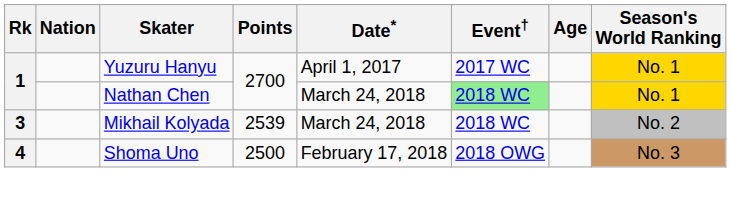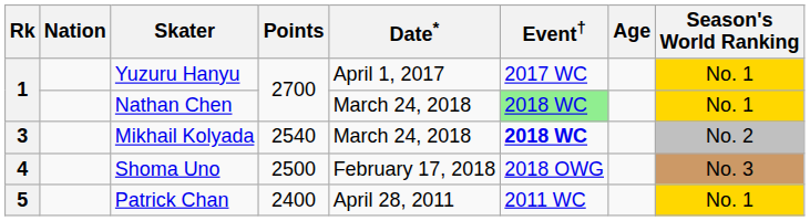 <table class="wikitable sortable">
 <tr>
 <th>Rk</th>
 <th>Nation</th>
 <th>Skater</th>
 <th>Points</th>
 <th>Date<sup>*</sup></th>
 <th>Event<sup>†</sup></th>
 <th>Age</th>
 <th>Season's<br>World  Ranking</th>
 </tr>
 <tr>
 <th rowspan="2">1</th>
 <td></td>
 <td><a href='#'>Yuzuru Hanyu</a></td>
 <td rowspan="2" style="text-align: center;">2700</td>
 <td>April 1, 2017</td>
 <td><a href='#'>2017 WC</a></td>
 <td></td>
 <td style="background-color: gold; text-align: center;">No. 1</td>
 </tr>
 <tr>
 <td></td>
 <td><a href='#'>Nathan Chen</a></td>
 <td>March 24, 2018</td>
 <td style="background: lightgreen;"><a href='#'>2018 WC</a></td>
 <td></td>
 <td style="background-color: gold; text-align: center;">No. 1</td>
 </tr>
 <tr>
 <th>3</th>
 <td></td>
 <td><a href='#'>Mikhail Kolyada</a></td>
-<td style="text-align: center;">2539</td>
+<td style="text-align: center;">2540</td>
 <td>March 24, 2018</td>
-<td><a href='#'>2018 WC</a></td>
+<td><strong><a href='#'>2018 WC</a></strong></td>
 <td></td>
 <td style="background-color: silver; text-align: center;">No. 2</td>
 </tr>
 <tr>
 <th>4</th>
 <td></td>
 <td><a href='#'>Shoma Uno</a></td>
 <td style="text-align: center;">2500</td>
 <td>February 17, 2018</td>
 <td><a href='#'>2018 OWG</a></td>
 <td></td>
 <td style="background-color: #cc9966; text-align: center;">No. 3</td>
 </tr>
+<tr>
+<th>5</th>
+<td></td>
+<td><a href='#'>Patrick Chan</a></td>
+<td style="text-align: center;">2400</td>
+<td>April 28, 2011</td>
+<td><a href='#'>2011 WC</a></td>
+<td></td>
+<td style="background-color: gold; text-align: center;">No. 1</td>
+</tr>
 </table>
